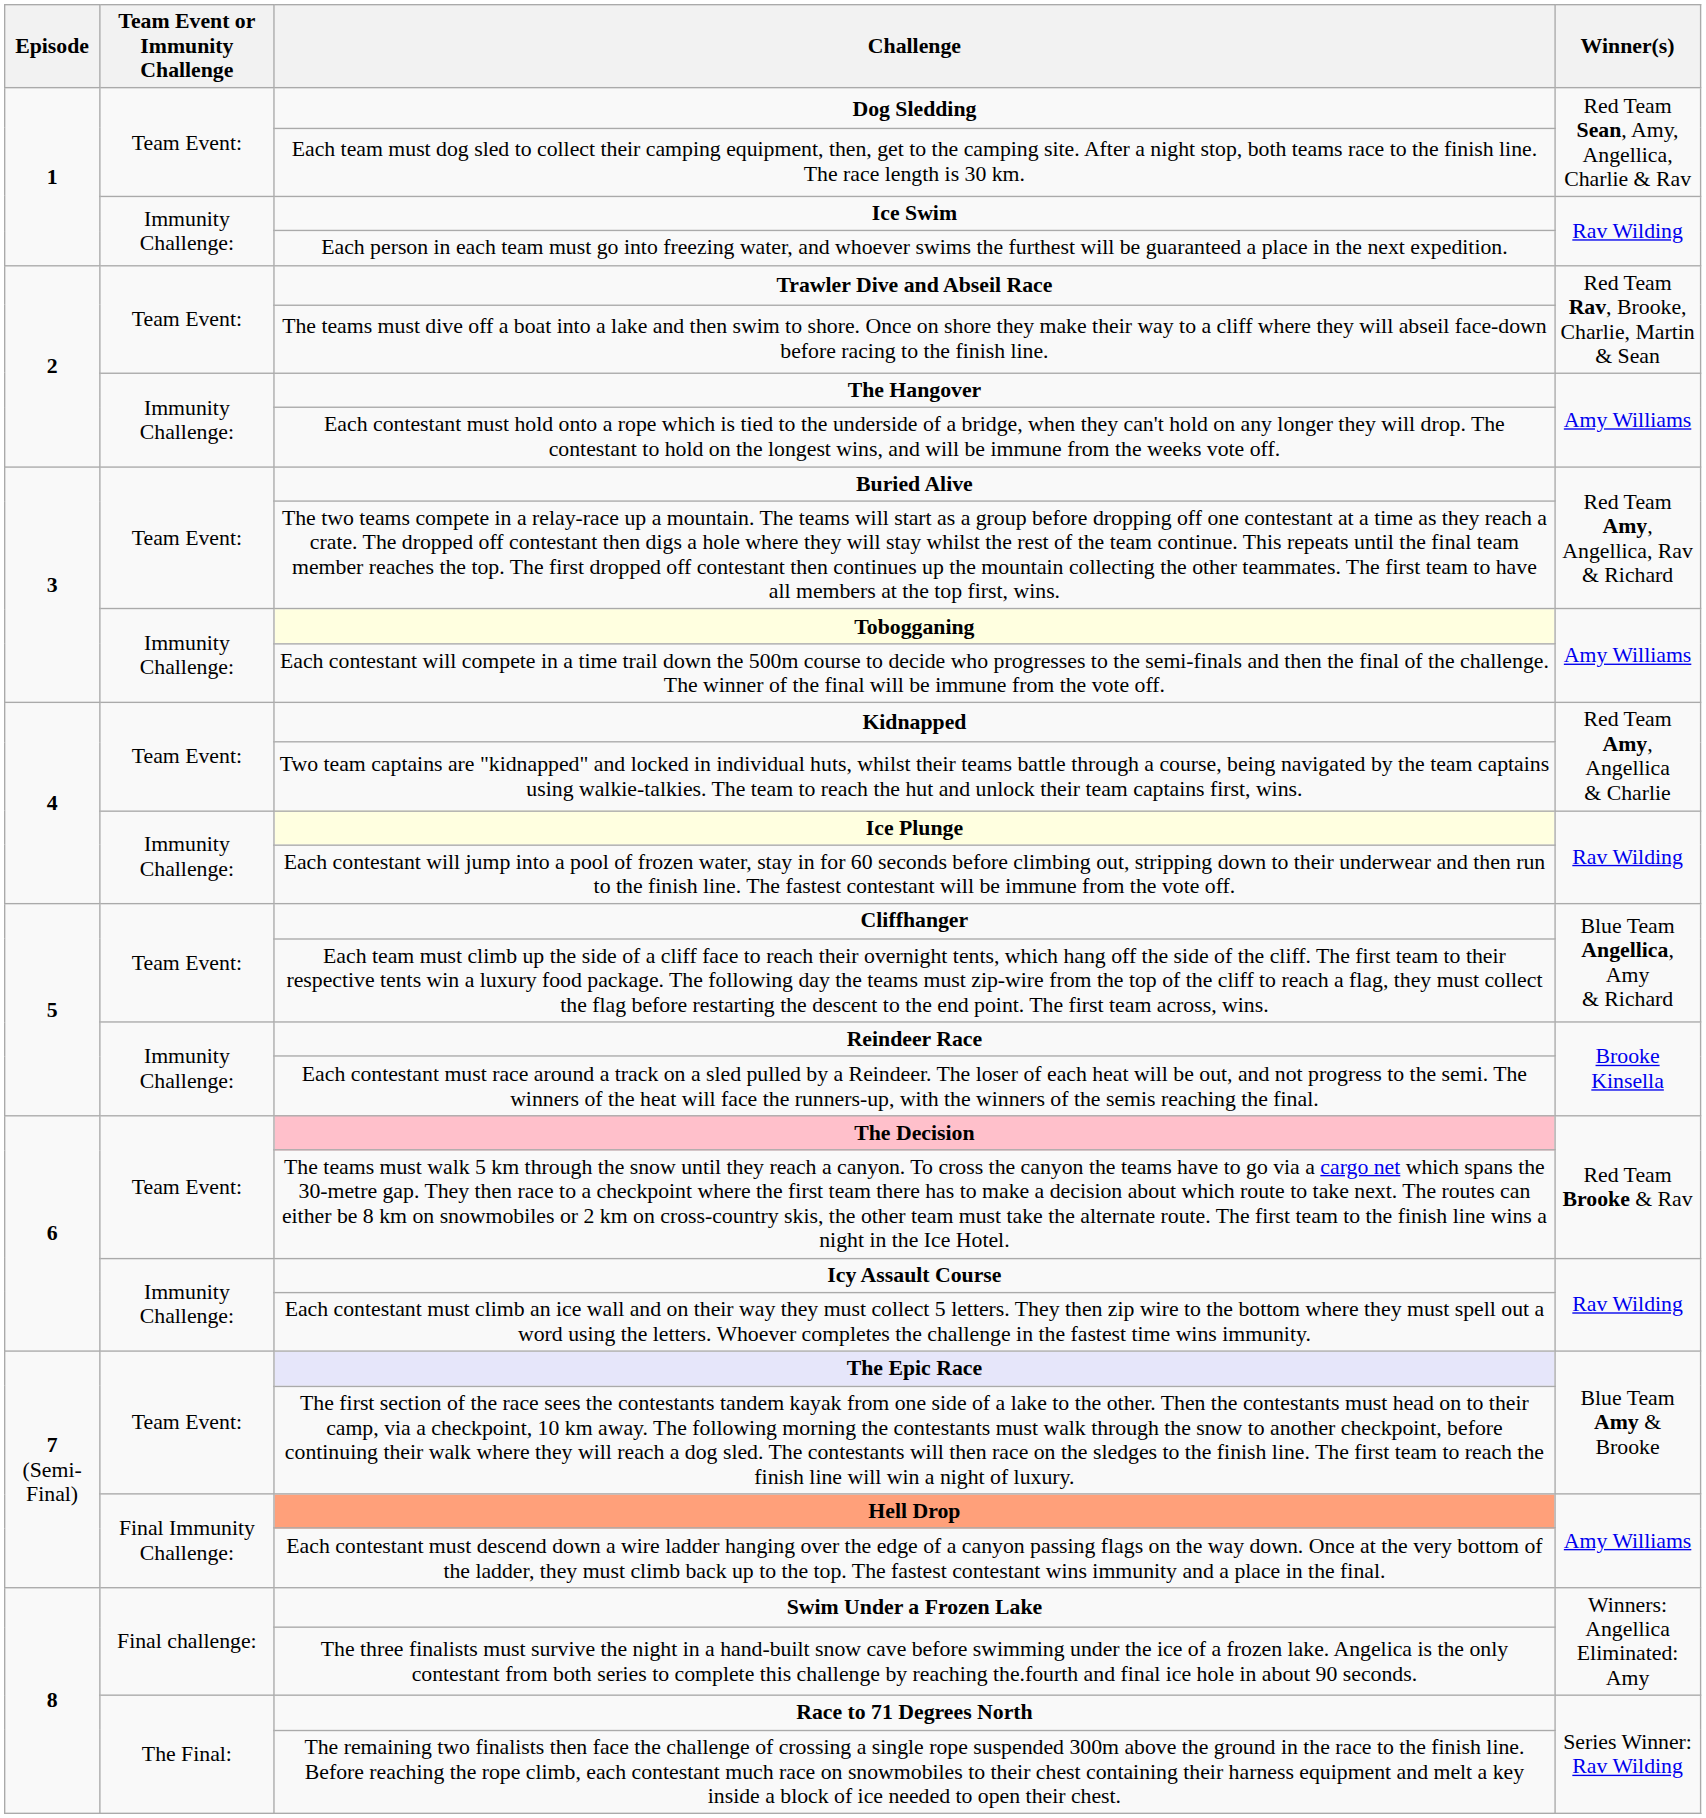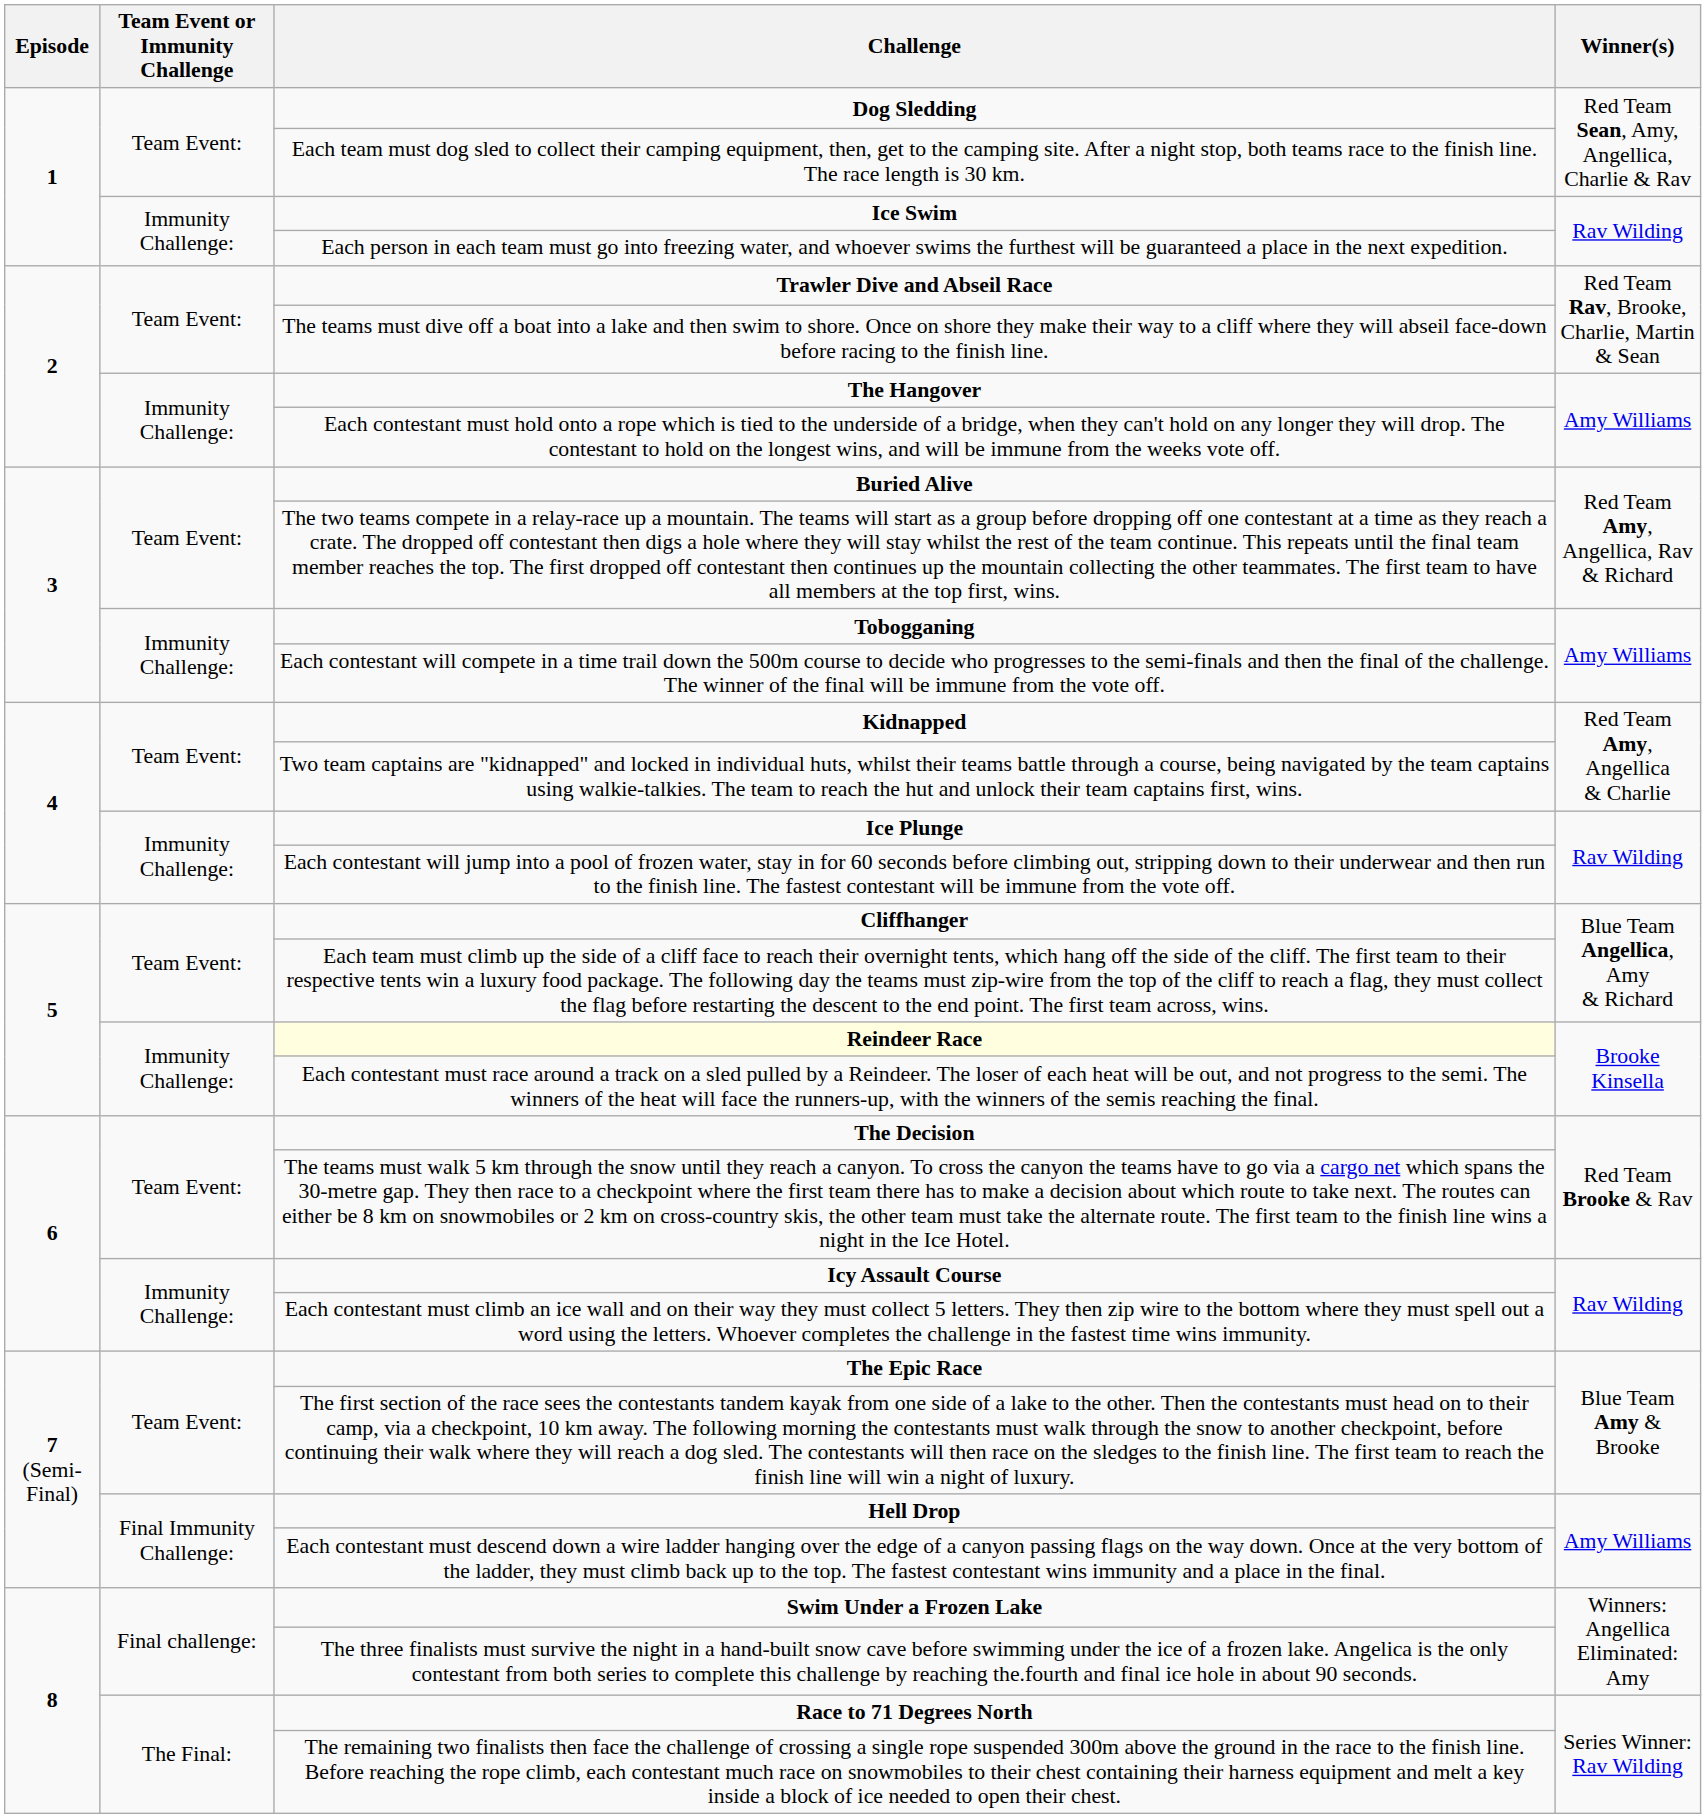 <table class="wikitable" style="text-align:center">
 <tr>
 <th>Episode</th>
 <th>Team Event or Immunity Challenge</th>
 <th>Challenge</th>
 <th width="100">Winner(s)</th>
 </tr>
 <tr>
 <td rowspan="4"><strong>1</strong></td>
 <td rowspan="2">Team Event:</td>
 <td><strong>Dog Sledding</strong></td>
 <td rowspan="2"><span>Red Team</span><br><strong>Sean</strong>, Amy, Angellica, Charlie & Rav</td>
 </tr>
 <tr>
 <td>Each team must dog sled to collect their camping equipment, then, get to the camping site. After a night stop, both teams race to the finish line. The race length is 30 km.</td>
 </tr>
 <tr>
 <td rowspan="2">Immunity Challenge:</td>
 <td><strong>Ice Swim</strong></td>
 <td rowspan="2"><span><a href='#'>Rav Wilding</a></span></td>
 </tr>
 <tr>
 <td>Each person in each team must go into freezing water, and whoever swims the furthest will be guaranteed a place in the next expedition.</td>
 </tr>
 <tr>
 <td rowspan="4"><strong>2</strong></td>
 <td rowspan="2">Team Event:</td>
 <td><strong>Trawler Dive and Abseil Race</strong></td>
 <td rowspan="2"><span>Red Team</span><br><strong>Rav</strong>, Brooke, Charlie, Martin<br>& Sean</td>
 </tr>
 <tr>
 <td>The teams must dive off a boat into a lake and then swim to shore. Once on shore they make their way to a cliff where they will abseil face-down before racing to the finish line.</td>
 </tr>
 <tr>
 <td rowspan="2">Immunity Challenge:</td>
 <td><strong>The Hangover</strong></td>
 <td rowspan="2"><span><a href='#'>Amy Williams</a></span></td>
 </tr>
 <tr>
 <td>Each contestant must hold onto a rope which is tied to the underside of a bridge, when they can't hold on any longer they will drop. The contestant to hold on the longest wins, and will be immune from the weeks vote off.</td>
 </tr>
 <tr>
 <td rowspan="4"><strong>3</strong></td>
 <td rowspan="2">Team Event:</td>
 <td><strong>Buried Alive</strong></td>
 <td rowspan="2"><span>Red Team</span><br><strong>Amy</strong>, Angellica, Rav & Richard</td>
 </tr>
 <tr>
 <td>The two teams compete in a relay-race up a mountain. The teams will start as a group before dropping off one contestant at a time as they reach a crate. The dropped off contestant then digs a hole where they will stay whilst the rest of the team continue. This repeats until the final team member reaches the top. The first dropped off contestant then continues up the mountain collecting the other teammates. The first team to have all members at the top first, wins.</td>
 </tr>
 <tr>
 <td rowspan="2">Immunity Challenge:</td>
-<td style="background: lightyellow;"><strong>Tobogganing</strong></td>
+<td><strong>Tobogganing</strong></td>
 <td rowspan="2"><span><a href='#'>Amy Williams</a></span></td>
 </tr>
 <tr>
 <td>Each contestant will compete in a time trail down the 500m course to decide who progresses to the semi-finals and then the final of the challenge. The winner of the final will be immune from the vote off.</td>
 </tr>
 <tr>
 <td rowspan="4"><strong>4</strong></td>
 <td rowspan="2">Team Event:</td>
 <td><strong>Kidnapped</strong></td>
 <td rowspan="2"><span>Red Team</span><br><strong>Amy</strong>, Angellica<br>& Charlie</td>
 </tr>
 <tr>
 <td>Two team captains are "kidnapped" and locked in individual huts, whilst their teams battle through a course, being navigated by the team captains using walkie-talkies. The team to reach the hut and unlock their team captains first, wins.</td>
 </tr>
 <tr>
 <td rowspan="2">Immunity Challenge:</td>
-<td style="background: lightyellow;"><strong>Ice Plunge</strong></td>
+<td><strong>Ice Plunge</strong></td>
 <td rowspan="2"><a href='#'>Rav Wilding</a></td>
 </tr>
 <tr>
 <td>Each contestant will jump into a pool of frozen water, stay in for 60 seconds before climbing out, stripping down to their underwear and then run to the finish line. The fastest contestant will be immune from the vote off.</td>
 </tr>
 <tr>
 <td rowspan="4"><strong>5</strong></td>
 <td rowspan="2">Team Event:</td>
 <td><strong>Cliffhanger</strong></td>
 <td rowspan="2"><span>Blue Team</span><br><strong>Angellica</strong>, Amy<br>& Richard</td>
 </tr>
 <tr>
 <td>Each team must climb up the side of a cliff face to reach their overnight tents, which hang off the side of the cliff. The first team to their respective tents win a luxury food package. The following day the teams must zip-wire from the top of the cliff to reach a flag, they must collect the flag before restarting the descent to the end point. The first team across, wins.</td>
 </tr>
 <tr>
 <td rowspan="2">Immunity Challenge:</td>
-<td><strong>Reindeer Race</strong></td>
+<td style="background: lightyellow;"><strong>Reindeer Race</strong></td>
 <td rowspan="2"><a href='#'>Brooke Kinsella</a></td>
 </tr>
 <tr>
 <td>Each contestant must race around a track on a sled pulled by a Reindeer. The loser of each heat will be out, and not progress to the semi. The winners of the heat will face the runners-up, with the winners of the semis reaching the final.</td>
 </tr>
 <tr>
 <td rowspan="4"><strong>6</strong></td>
 <td rowspan="2">Team Event:</td>
-<td style="background: pink;"><strong>The Decision</strong></td>
+<td><strong>The Decision</strong></td>
 <td rowspan="2"><span>Red Team</span><br><strong>Brooke</strong> & Rav</td>
 </tr>
 <tr>
 <td>The teams must walk 5 km through the snow until they reach a canyon. To cross the canyon the teams have to go via a <a href='#'>cargo net</a> which spans the 30-metre gap. They then race to a checkpoint where the first team there has to make a decision about which route to take next. The routes can either be 8 km on snowmobiles or 2 km on cross-country skis, the other team must take the alternate route. The first team to the finish line wins a night in the Ice Hotel.</td>
 </tr>
 <tr>
 <td rowspan="2">Immunity Challenge:</td>
 <td><strong>Icy Assault Course</strong></td>
 <td rowspan="2"><a href='#'>Rav Wilding</a></td>
 </tr>
 <tr>
 <td>Each contestant must climb an ice wall and on their way they must collect 5 letters. They then zip wire to the bottom where they must spell out a word using the letters. Whoever completes the challenge in the fastest time wins immunity.</td>
 </tr>
 <tr>
 <td rowspan="4"><strong>7</strong><br>(Semi-Final)</td>
 <td rowspan="2">Team Event:</td>
-<td style="background: lavender;"><strong>The Epic Race</strong></td>
+<td><strong>The Epic Race</strong></td>
 <td rowspan="2"><span>Blue Team</span><br><strong>Amy</strong> & Brooke</td>
 </tr>
 <tr>
 <td>The first section of the race sees the contestants tandem kayak from one side of a lake to the other. Then the contestants must head on to their camp, via a checkpoint, 10 km away. The following morning the contestants must walk through the snow to another checkpoint, before continuing their walk where they will reach a dog sled. The contestants will then race on the sledges to the finish line. The first team to reach the finish line will win a night of luxury.</td>
 </tr>
 <tr>
 <td rowspan="2">Final Immunity Challenge:</td>
-<td style="background: lightsalmon;"><strong>Hell Drop</strong></td>
+<td><strong>Hell Drop</strong></td>
 <td rowspan="2"><a href='#'>Amy Williams</a></td>
 </tr>
 <tr>
 <td>Each contestant must descend down a wire ladder hanging over the edge of a canyon passing flags on the way down. Once at the very bottom of the ladder, they must climb back up to the top. The fastest contestant wins immunity and a place in the final.</td>
 </tr>
 <tr>
 <td rowspan="4"><strong>8</strong></td>
 <td rowspan="2">Final challenge:</td>
 <td><strong>Swim Under a Frozen Lake</strong></td>
 <td rowspan="2">Winners:<br><span>Angellica</span><br>Eliminated:<br><span>Amy</span></td>
 </tr>
 <tr>
 <td>The three finalists must survive the night in a hand-built snow cave before swimming under the ice of a frozen lake. Angelica is the only contestant from both series to complete this challenge by reaching the.fourth and final ice hole in about 90 seconds.</td>
 </tr>
 <tr>
 <td rowspan="2">The Final:</td>
 <td><strong>Race to 71 Degrees North</strong></td>
 <td rowspan="2">Series Winner:<br><span><a href='#'>Rav Wilding</a></span></td>
 </tr>
 <tr>
 <td>The remaining two finalists then face the challenge of crossing a single rope suspended 300m above the ground in the race to the finish line. Before reaching the rope climb, each contestant much race on snowmobiles to their chest containing their harness equipment and melt a key inside a block of ice needed to open their chest.</td>
 </tr>
 <tr>
 </tr>
 </table>
